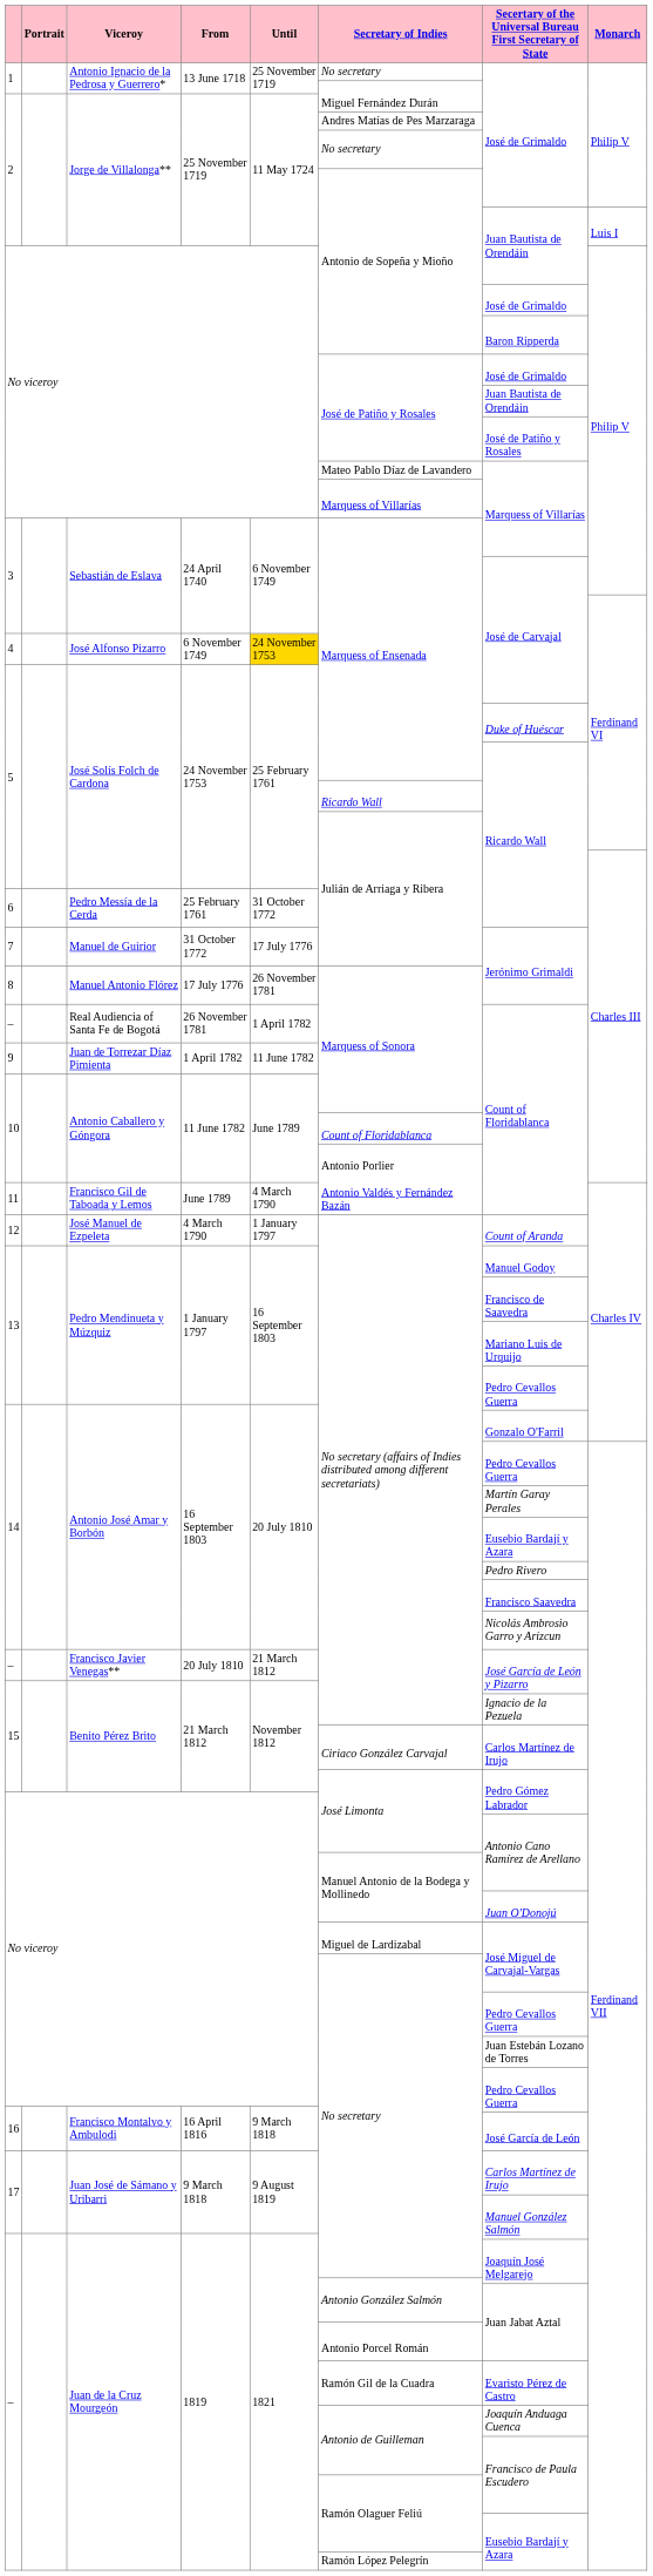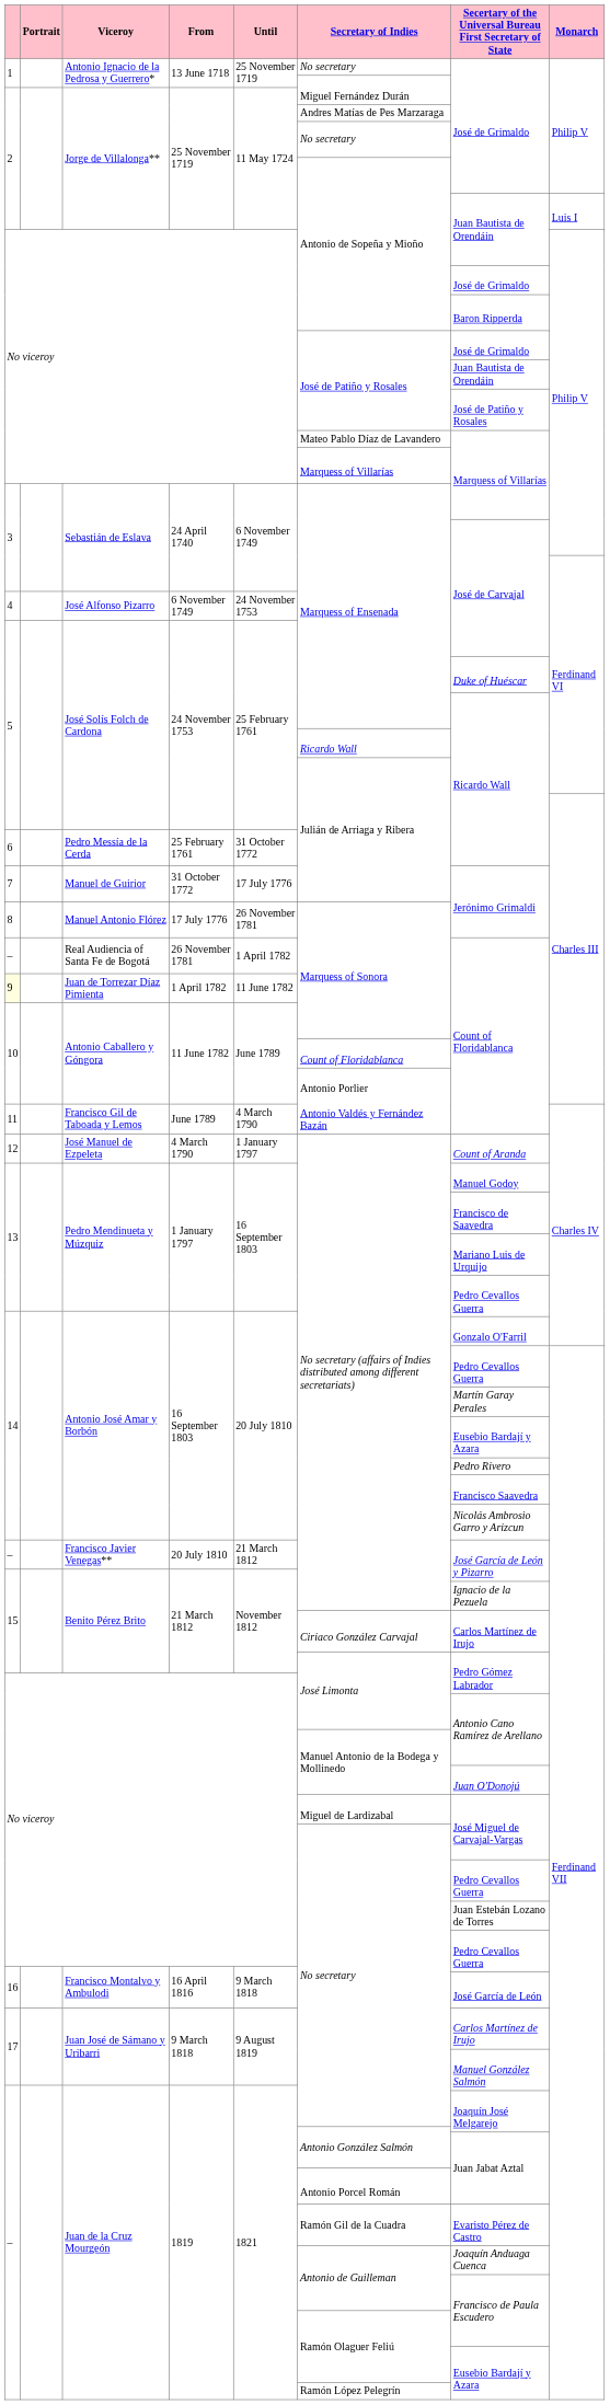 <table class="toccolours" border="1" cellpadding="3" style="border-collapse:collapse">
 <tr bgcolor="pink">
 <th></th>
 <th>Portrait</th>
 <th>Viceroy</th>
 <th>From</th>
 <th>Until</th>
 <th><a href='#'>Secretary of Indies</a></th>
 <th><a href='#'>Secertary of the Universal Bureau</a><br><a href='#'>First Secretary of State</a></th>
 <th><a href='#'>Monarch</a></th>
 </tr>
 <tr>
 <td rowspan="2">1</td>
 <td rowspan="2"></td>
 <td rowspan="2"><a href='#'>Antonio Ignacio de la Pedrosa y Guerrero</a>*</td>
 <td rowspan="2">13 June 1718</td>
 <td rowspan="2">25 November 1719</td>
 <td><em>No secretary</em></td>
 <td rowspan="6"><br><a href='#'>José de Grimaldo</a></td>
 <td rowspan="6"><br><a href='#'>Philip V</a></td>
 </tr>
 <tr>
 <td rowspan="2"><br>Miguel Fernández Durán</td>
 </tr>
 <tr>
 <td rowspan="5">2</td>
 <td rowspan="5"></td>
 <td rowspan="5"><a href='#'>Jorge de Villalonga</a>**</td>
 <td rowspan="5">25 November 1719</td>
 <td rowspan="5">11 May 1724</td>
 </tr>
 <tr>
 <td>Andres Matías de Pes Marzaraga</td>
 </tr>
 <tr style="height:53px;">
 <td><em>No secretary</em></td>
 </tr>
 <tr style="height:53px;">
 <td rowspan="6">Antonio de Sopeña y Mioño</td>
 </tr>
 <tr style="height:53px;">
 <td rowspan="3"><a href='#'>Juan Bautista de Orendáin</a></td>
 <td rowspan="2"><br><a href='#'>Luis I</a></td>
 </tr>
 <tr>
 <td colspan="5" rowspan="10"><em>No viceroy</em></td>
 </tr>
 <tr style="height:53px;">
 <td rowspan="12"><br><a href='#'>Philip V</a></td>
 </tr>
 <tr>
 <td><br><a href='#'>José de Grimaldo</a></td>
 </tr>
 <tr style="height:53px;">
 <td rowspan="2"><br><a href='#'>Baron Ripperda</a></td>
 </tr>
 <tr>
 <td rowspan="4"><br><a href='#'>José de Patiño y Rosales</a></td>
 </tr>
 <tr>
 <td><br><a href='#'>José de Grimaldo</a></td>
 </tr>
 <tr>
 <td><a href='#'>Juan Bautista de Orendáin</a></td>
 </tr>
 <tr>
 <td><br><a href='#'>José de Patiño y Rosales</a></td>
 </tr>
 <tr>
 <td>Mateo Pablo Díaz de Lavandero</td>
 <td rowspan="4"><br><a href='#'>Marquess of Villarías</a></td>
 </tr>
 <tr style="height:53px;">
 <td rowspan="2"><br><a href='#'>Marquess of Villarías</a></td>
 </tr>
 <tr>
 <td rowspan="4">3</td>
 <td rowspan="4"></td>
 <td rowspan="4"><a href='#'>Sebastián de Eslava</a></td>
 <td rowspan="4">24 April 1740</td>
 <td rowspan="4">6 November 1749</td>
 </tr>
 <tr style="height:53px;">
 <td rowspan="7"><br><a href='#'>Marquess of Ensenada</a></td>
 </tr>
 <tr style="height:53px;">
 <td rowspan="4"><br><a href='#'>José de Carvajal</a></td>
 </tr>
 <tr style="height:53px;">
 <td rowspan="7"><br><a href='#'>Ferdinand VI</a></td>
 </tr>
 <tr>
 <td>4</td>
 <td></td>
 <td><a href='#'>José Alfonso Pizarro</a></td>
 <td>6 November 1749</td>
-<td style="background: gold;">24 November 1753</td>
+<td>24 November 1753</td>
 </tr>
 <tr style="height:53px;">
 <td rowspan="6">5</td>
 <td rowspan="6"></td>
 <td rowspan="6"><a href='#'>José Solís Folch de Cardona</a></td>
 <td rowspan="6">24 November 1753</td>
 <td rowspan="6">25 February 1761</td>
 </tr>
 <tr style="height:53px;">
 <td><br><em><a href='#'>Duke of Huéscar</a></em> <em></em></td>
 </tr>
 <tr style="height:53px;">
 <td rowspan="5"><br><a href='#'>Ricardo Wall</a></td>
 </tr>
 <tr>
 <td><em><br><a href='#'>Ricardo Wall</a></em> <em></em></td>
 </tr>
 <tr style="height:53px;">
 <td rowspan="5">Julián de Arriaga y Ribera<em></em></td>
 </tr>
 <tr style="height:53px;">
 <td rowspan="13"><a href='#'>Charles III</a></td>
 </tr>
 <tr style="height:53px;">
 <td rowspan="2">6</td>
 <td rowspan="2"></td>
 <td rowspan="2"><a href='#'>Pedro Messía de la Cerda</a></td>
 <td rowspan="2">25 February 1761</td>
 <td rowspan="2">31 October 1772</td>
 </tr>
 <tr>
 <td rowspan="4"><br><a href='#'>Jerónimo Grimaldi</a></td>
 </tr>
 <tr style="height:53px;">
 <td rowspan="2">7</td>
 <td rowspan="2"></td>
 <td rowspan="2"><a href='#'>Manuel de Guirior</a></td>
 <td rowspan="2">31 October 1772</td>
 <td rowspan="2">17 July 1776</td>
 </tr>
 <tr>
 <td rowspan="6"><br><a href='#'>Marquess of Sonora</a><em></em></td>
 </tr>
 <tr style="height:53px;">
 <td rowspan="2">8</td>
 <td rowspan="2"></td>
 <td rowspan="2"><a href='#'>Manuel Antonio Flórez</a></td>
 <td rowspan="2">17 July 1776</td>
 <td rowspan="2">26 November 1781</td>
 </tr>
 <tr>
 <td rowspan="9"><br><a href='#'>Count of Floridablanca</a></td>
 </tr>
 <tr style="height:53px;">
 <td>–</td>
 <td></td>
 <td>Real Audiencia of Santa Fe de Bogotá</td>
 <td>26 November 1781</td>
 <td>1 April 1782</td>
 </tr>
 <tr>
-<td>9</td>
+<td style="background: lightyellow;">9</td>
 <td></td>
 <td><a href='#'>Juan de Torrezar Díaz Pimienta</a></td>
 <td>1 April 1782</td>
 <td>11 June 1782</td>
 </tr>
 <tr style="height:53px;">
 <td rowspan="3">10</td>
 <td rowspan="3"></td>
 <td rowspan="3"><a href='#'>Antonio Caballero y Góngora</a></td>
 <td rowspan="3">11 June 1782</td>
 <td rowspan="3">June 1789</td>
 </tr>
 <tr>
 <td><em></em><br><em><a href='#'>Count of Floridablanca</a></em> <em></em></td>
 </tr>
 <tr style="height:53px;">
 <td rowspan="4"><br>Antonio Porlier<br><br><a href='#'>Antonio Valdés y Fernández Bazán</a></td>
 </tr>
 <tr>
 <td rowspan="2">11</td>
 <td rowspan="2"></td>
 <td rowspan="2"><a href='#'>Francisco Gil de Taboada y Lemos</a></td>
 <td rowspan="2">June 1789</td>
 <td rowspan="2">4 March 1790</td>
 </tr>
 <tr>
 <td rowspan="10"><br><a href='#'>Charles IV</a></td>
 </tr>
 <tr>
 <td rowspan="3">12</td>
 <td rowspan="3"></td>
 <td rowspan="3"><a href='#'>José Manuel de Ezpeleta</a></td>
 <td rowspan="3">4 March 1790</td>
 <td rowspan="3">1 January 1797</td>
 </tr>
 <tr>
 <td rowspan="18"><em>No secretary (affairs of Indies distributed among different secretariats)</em></td>
 <td><br><em><a href='#'>Count of Aranda</a></em> <em></em></td>
 </tr>
 <tr>
 <td rowspan="2"><br><a href='#'>Manuel Godoy</a></td>
 </tr>
 <tr>
 <td rowspan="4">13</td>
 <td rowspan="4"></td>
 <td rowspan="4"><a href='#'>Pedro Mendinueta y Múzquiz</a></td>
 <td rowspan="4">1 January 1797</td>
 <td rowspan="4">16 September 1803</td>
 </tr>
 <tr>
 <td><br><a href='#'>Francisco de Saavedra</a></td>
 </tr>
 <tr>
 <td><br><a href='#'>Mariano Luis de Urquijo</a></td>
 </tr>
 <tr style="height:53px;">
 <td rowspan="2"><br><a href='#'>Pedro Cevallos Guerra</a></td>
 </tr>
 <tr>
 <td rowspan="8">14</td>
 <td rowspan="8"></td>
 <td rowspan="8"><a href='#'>Antonio José Amar y Borbón</a></td>
 <td rowspan="8">16 September 1803</td>
 <td rowspan="8">20 July 1810</td>
 </tr>
 <tr>
 <td><br><a href='#'>Gonzalo O'Farril</a></td>
 </tr>
 <tr>
 <td><br><a href='#'>Pedro Cevallos Guerra</a></td>
 <td rowspan="39"><a href='#'>Ferdinand VII</a></td>
 </tr>
 <tr>
 <td><em>Martín Garay Perales</em> <em></em></td>
 </tr>
 <tr>
 <td><br><a href='#'>Eusebio Bardají y Azara</a></td>
 </tr>
 <tr>
 <td><em>Pedro Rivero </em></td>
 </tr>
 <tr>
 <td><br><a href='#'>Francisco Saavedra</a></td>
 </tr>
 <tr style="height:53px;">
 <td rowspan="2"><em>Nicolás Ambrosio Garro y Arizcun</em> <em></em></td>
 </tr>
 <tr>
 <td rowspan="2">–</td>
 <td rowspan="2"></td>
 <td rowspan="2"><a href='#'>Francisco Javier Venegas</a>**</td>
 <td rowspan="2">20 July 1810</td>
 <td rowspan="2">21 March 1812</td>
 </tr>
 <tr>
 <td rowspan="2"><br><em><a href='#'>José García de León</a> <a href='#'>y Pizarro</a></em> <em></em></td>
 </tr>
 <tr>
 <td rowspan="5">15</td>
 <td rowspan="5"></td>
 <td rowspan="5"><a href='#'>Benito Pérez Brito</a></td>
 <td rowspan="5">21 March 1812</td>
 <td rowspan="5">November 1812</td>
 </tr>
 <tr>
 <td><em>Ignacio de la Pezuela</em> <em></em></td>
 </tr>
 <tr>
 <td rowspan="2"><br><em>Ciriaco González Carvajal</em> <em></em></td>
 <td><br><a href='#'>Carlos Martínez de Irujo</a></td>
 </tr>
 <tr>
 <td rowspan="3"><br><a href='#'>Pedro Gómez Labrador</a></td>
 </tr>
 <tr>
 <td rowspan="3"><em>José Limonta </em></td>
 </tr>
 <tr>
 <td colspan="5" rowspan="9"><em>No viceroy</em></td>
 </tr>
 <tr style="height:53px;">
 <td rowspan="2"><em>Antonio Cano Ramírez de Arellano</em> <em></em></td>
 </tr>
 <tr style="height:53px;">
 <td rowspan="2">Manuel Antonio de la Bodega y Mollinedo</td>
 </tr>
 <tr>
 <td><br><em><a href='#'>Juan O'Donojú</a></em> <em></em></td>
 </tr>
 <tr>
 <td><br>Miguel de Lardizabal</td>
 <td rowspan="2"><br><a href='#'>José Miguel de Carvajal-Vargas</a></td>
 </tr>
 <tr style="height:53px;">
 <td rowspan="11"><em>No secretary</em></td>
 </tr>
 <tr>
 <td><br><a href='#'>Pedro Cevallos Guerra</a></td>
 </tr>
 <tr>
 <td>Juan Estebán Lozano de Torres</td>
 </tr>
 <tr style="height:53px;">
 <td rowspan="2"><br><a href='#'>Pedro Cevallos Guerra</a></td>
 </tr>
 <tr>
 <td rowspan="2">16</td>
 <td rowspan="2"></td>
 <td rowspan="2"><a href='#'>Francisco Montalvo y Ambulodi</a></td>
 <td rowspan="2">16 April 1816</td>
 <td rowspan="2">9 March 1818</td>
 </tr>
 <tr style="height:53px;">
 <td rowspan="2"><br><a href='#'>José García de León</a></td>
 </tr>
 <tr>
 <td rowspan="3">17</td>
 <td rowspan="3"></td>
 <td rowspan="3"><a href='#'>Juan José de Sámano y Uribarri</a></td>
 <td rowspan="3">9 March 1818</td>
 <td rowspan="3">9 August 1819</td>
 </tr>
 <tr>
 <td><br><a href='#'><em>Carlos Martínez de Irujo</em></a> <em></em></td>
 </tr>
 <tr style="height:53px;">
 <td rowspan="2"><br><em><a href='#'>Manuel González Salmón</a></em> <em></em></td>
 </tr>
 <tr>
 <td rowspan="12">–</td>
 <td rowspan="12"></td>
 <td rowspan="12"><a href='#'>Juan de la Cruz Mourgeón</a></td>
 <td rowspan="12">1819</td>
 <td rowspan="12">1821</td>
 </tr>
 <tr style="height:53px;">
 <td rowspan="2"><br><a href='#'>Joaquín José Melgarejo</a></td>
 </tr>
 <tr>
 <td rowspan="2"><em>Antonio González Salmón</em> <em></em></td>
 </tr>
 <tr style="height:53px;">
 <td rowspan="2">Juan Jabat Aztal</td>
 </tr>
 <tr style="height:53px;">
 <td rowspan="2"><br>Antonio Porcel Román</td>
 </tr>
 <tr>
 <td rowspan="2"><br><a href='#'>Evaristo Pérez de Castro</a></td>
 </tr>
 <tr>
 <td>Ramón Gil de la Cuadra</td>
 </tr>
 <tr>
 <td rowspan="2"><em>Antonio de Guilleman</em> <em></em></td>
 <td><em>Joaquín Anduaga Cuenca</em> <em></em></td>
 </tr>
 <tr style="height:53px;">
 <td rowspan="2"><em>Francisco de Paula Escudero</em> <em></em></td>
 </tr>
 <tr style="height:53px;">
 <td rowspan="2">Ramón Olaguer Feliú</td>
 </tr>
 <tr style="height:53px;">
 <td rowspan="2"><br><a href='#'>Eusebio Bardají y Azara</a></td>
 </tr>
 <tr>
 <td>Ramón López Pelegrín</td>
 </tr>
 </table>
